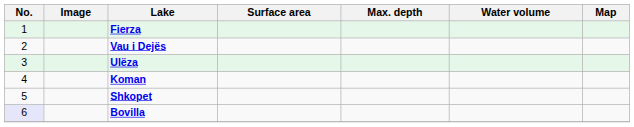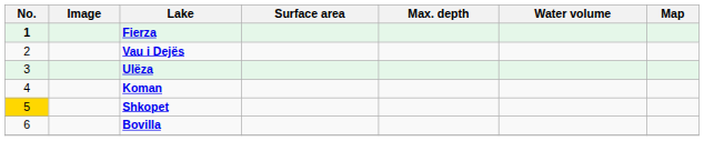 <table class="wikitable sortable"; width="75%">
 <tr>
 <th>No.</th>
 <th class="unsortable">Image</th>
 <th>Lake</th>
 <th>Surface area</th>
 <th>Max. depth</th>
 <th>Water volume</th>
 <th class="unsortable">Map</th>
 </tr>
 <tr bgcolor="#e5f7e9">
-<td align="center">1</td>
+<td align="center"><strong>1</strong></td>
 <td></td>
 <td><strong><a href='#'>Fierza</a></strong></td>
 <td></td>
 <td></td>
 <td></td>
 <td></td>
 </tr>
 <tr>
 <td align="center">2</td>
 <td></td>
 <td><strong><a href='#'>Vau i Dejës</a></strong></td>
 <td></td>
 <td></td>
 <td></td>
 <td></td>
 </tr>
 <tr bgcolor="#e5f7e9">
 <td align="center">3</td>
 <td></td>
 <td><strong><a href='#'>Ulëza</a></strong></td>
 <td></td>
 <td></td>
 <td></td>
 <td></td>
 </tr>
 <tr>
 <td align="center">4</td>
 <td></td>
 <td><strong><a href='#'>Koman</a></strong></td>
 <td></td>
 <td></td>
 <td></td>
 <td></td>
 </tr>
 <tr>
-<td align="center">5</td>
+<td align="center" style="background: gold;">5</td>
 <td></td>
 <td><strong><a href='#'>Shkopet</a></strong></td>
 <td></td>
 <td></td>
 <td></td>
 <td></td>
 </tr>
 <tr>
-<td align="center" style="background: lavender;">6</td>
+<td align="center">6</td>
 <td></td>
 <td><strong><a href='#'>Bovilla</a></strong></td>
 <td></td>
 <td></td>
 <td></td>
 <td></td>
 </tr>
 <tr>
 </tr>
 </table>
